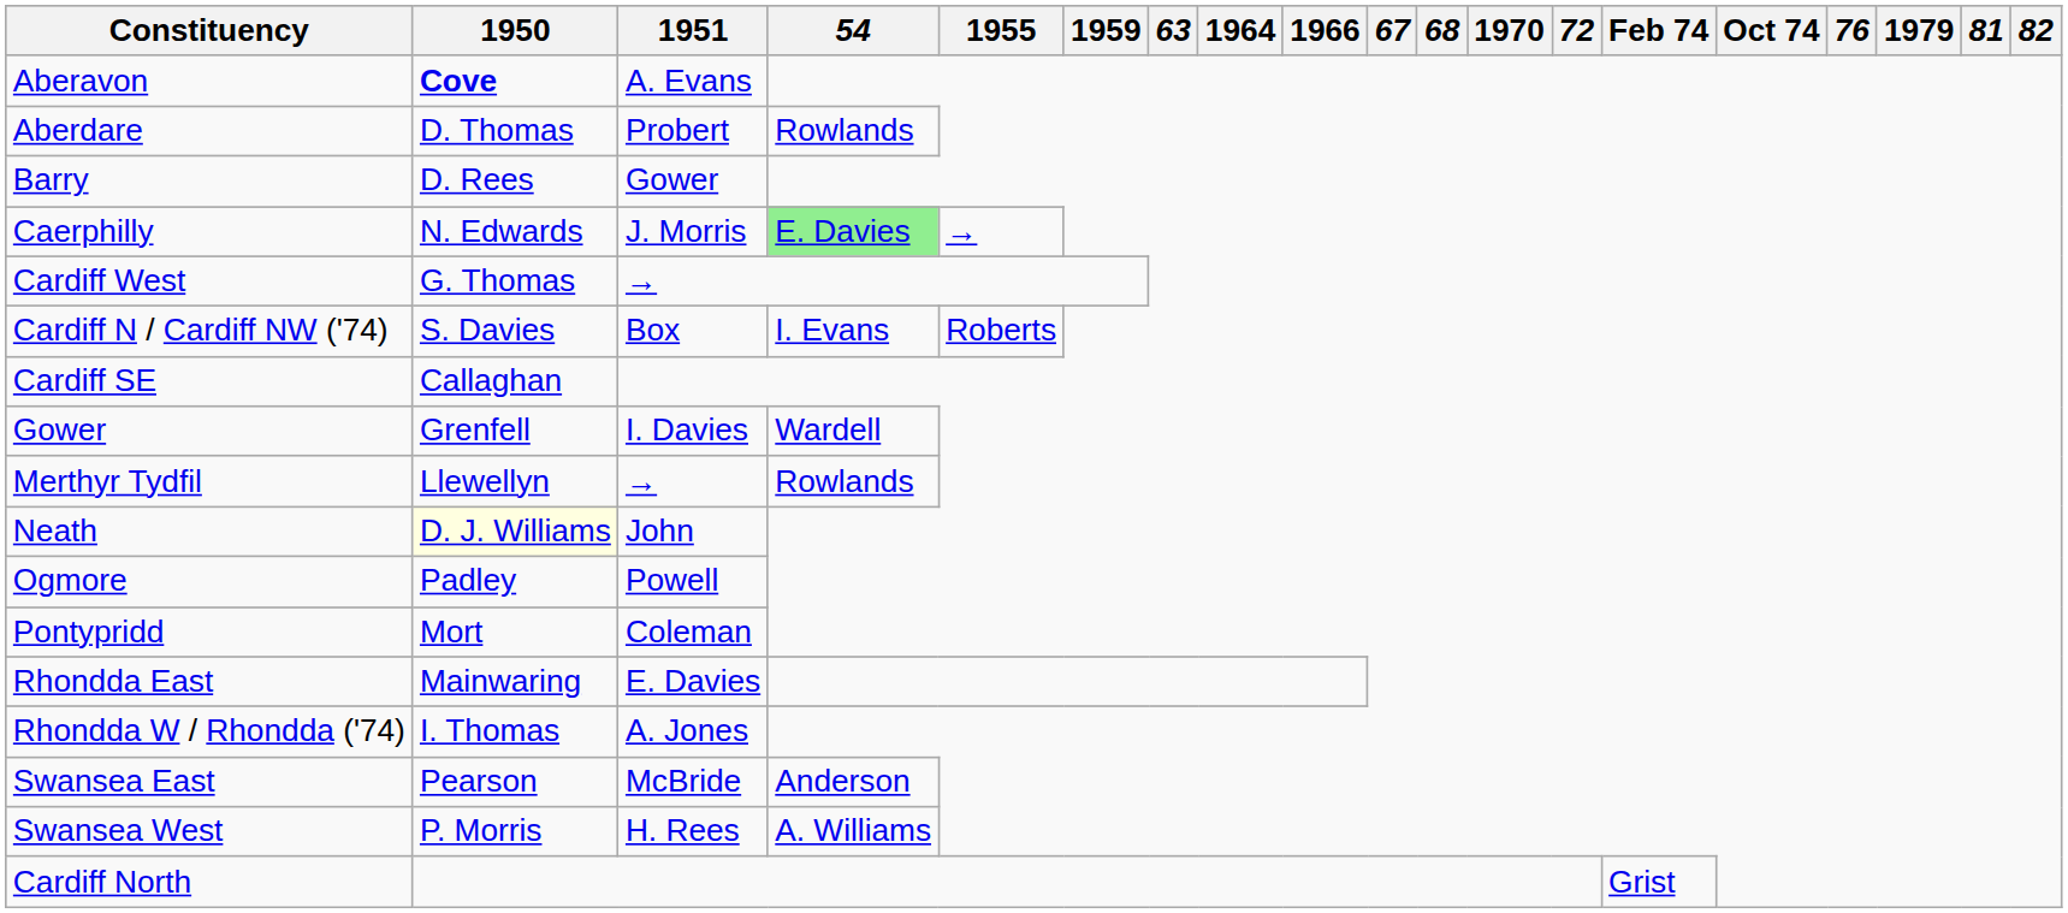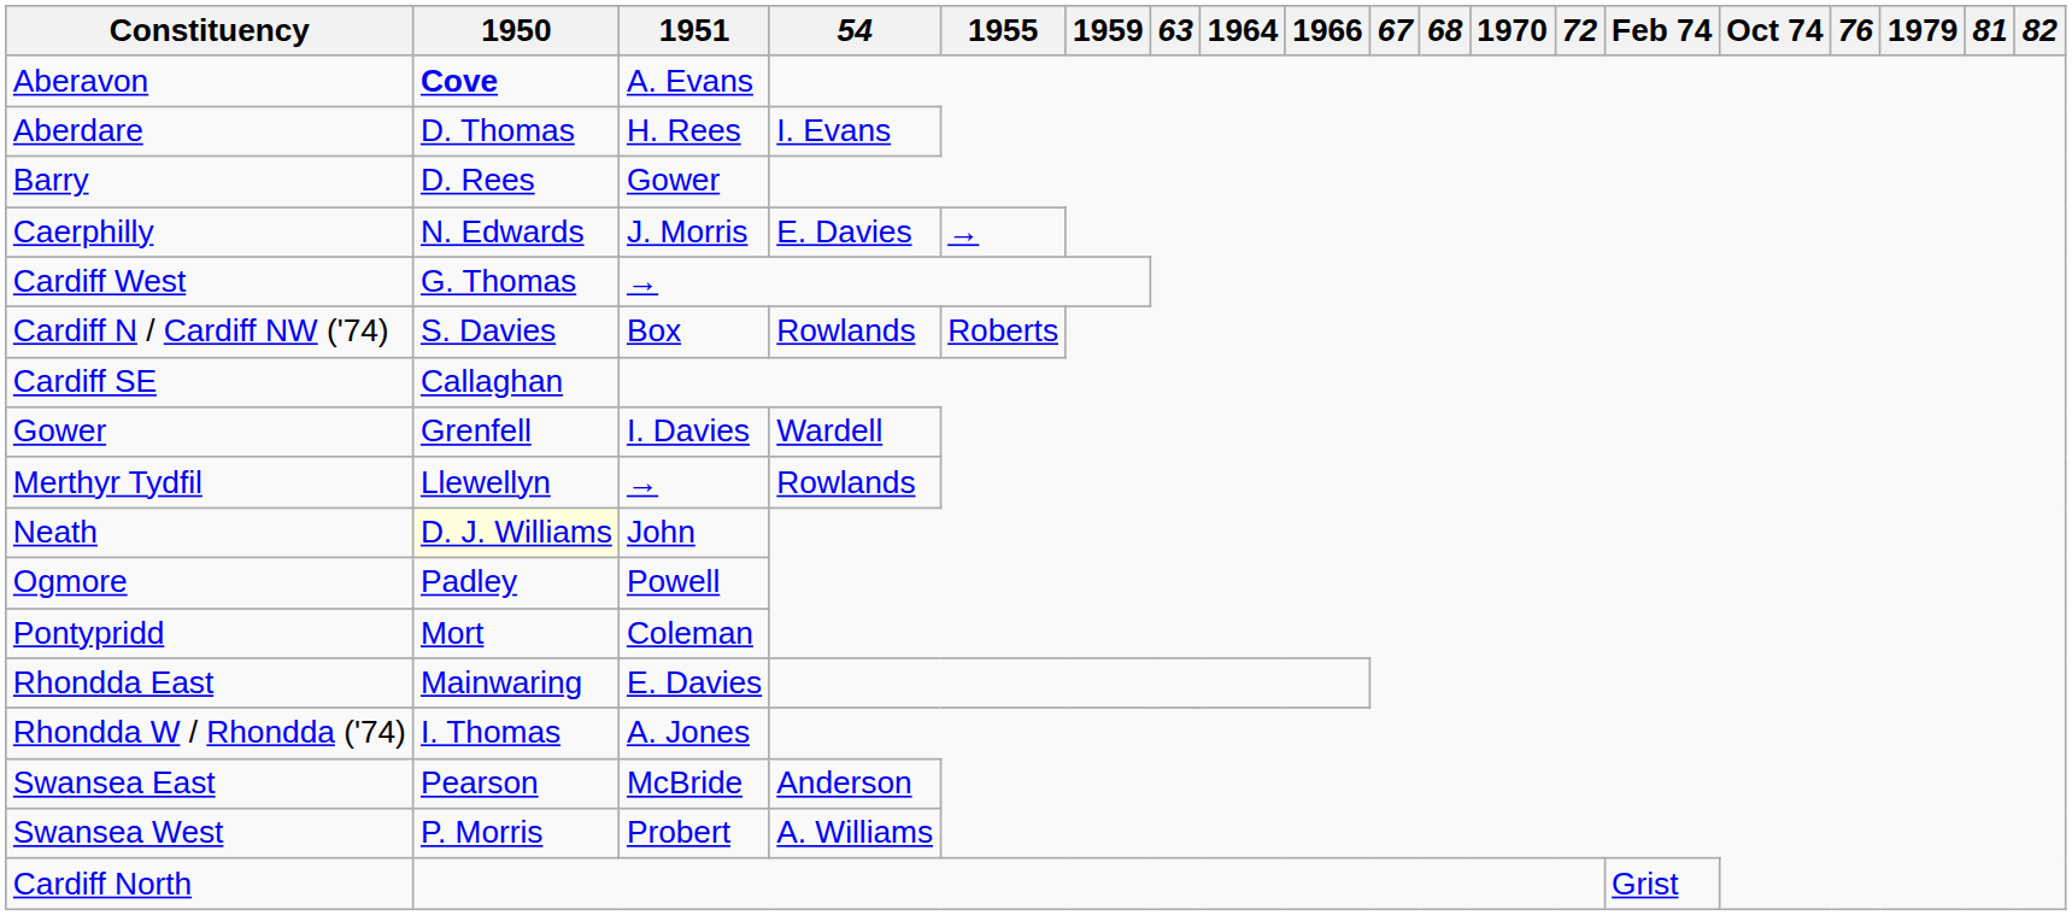 <table class="wikitable">
 <tr>
 <th>Constituency</th>
 <th>1950</th>
 <th>1951</th>
 <th><em>54</em></th>
 <th>1955</th>
 <th>1959</th>
 <th><em>63</em></th>
 <th>1964</th>
 <th>1966</th>
 <th><em>67</em></th>
 <th><em>68</em></th>
 <th>1970</th>
 <th><em>72</em></th>
 <th>Feb 74</th>
 <th>Oct 74</th>
 <th><em>76</em></th>
 <th>1979</th>
 <th><em>81</em></th>
 <th><em>82</em></th>
 </tr>
 <tr>
 <td><a href='#'>Aberavon</a></td>
 <td><strong><a href='#'>Cove</a></strong></td>
 <td><a href='#'>A. Evans</a></td>
 </tr>
 <tr>
 <td><a href='#'>Aberdare</a></td>
 <td><a href='#'>D. Thomas</a></td>
-<td><a href='#'>Probert</a></td>
-<td><a href='#'>Rowlands</a></td>
+<td><a href='#'>H. Rees</a></td>
+<td><a href='#'>I. Evans</a></td>
 </tr>
 <tr>
 <td><a href='#'>Barry</a></td>
 <td><a href='#'>D. Rees</a></td>
 <td><a href='#'>Gower</a></td>
 </tr>
 <tr>
 <td><a href='#'>Caerphilly</a></td>
 <td><a href='#'>N. Edwards</a></td>
 <td><a href='#'>J. Morris</a></td>
-<td style="background: lightgreen;"><a href='#'>E. Davies</a></td>
+<td><a href='#'>E. Davies</a></td>
 <td><a href='#'>→</a></td>
 </tr>
 <tr>
 <td><a href='#'>Cardiff West</a></td>
 <td><a href='#'>G. Thomas</a></td>
 <td colspan="4"><a href='#'>→</a></td>
 </tr>
 <tr>
 <td><a href='#'>Cardiff N</a> / <a href='#'>Cardiff NW</a> ('74)</td>
 <td><a href='#'>S. Davies</a></td>
 <td><a href='#'>Box</a></td>
-<td><a href='#'>I. Evans</a></td>
+<td><a href='#'>Rowlands</a></td>
 <td><a href='#'>Roberts</a></td>
 </tr>
 <tr>
 <td><a href='#'>Cardiff SE</a></td>
 <td><a href='#'>Callaghan</a></td>
 </tr>
 <tr>
 <td><a href='#'>Gower</a></td>
 <td><a href='#'>Grenfell</a></td>
 <td><a href='#'>I. Davies</a></td>
 <td><a href='#'>Wardell</a></td>
 </tr>
 <tr>
 <td><a href='#'>Merthyr Tydfil</a></td>
 <td><a href='#'>Llewellyn</a></td>
 <td><a href='#'>→</a></td>
 <td><a href='#'>Rowlands</a></td>
 </tr>
 <tr>
 <td><a href='#'>Neath</a></td>
 <td style="background: lightyellow;"><a href='#'>D. J. Williams</a></td>
 <td><a href='#'>John</a></td>
 </tr>
 <tr>
 <td><a href='#'>Ogmore</a></td>
 <td><a href='#'>Padley</a></td>
 <td><a href='#'>Powell</a></td>
 </tr>
 <tr>
 <td><a href='#'>Pontypridd</a></td>
 <td><a href='#'>Mort</a></td>
 <td><a href='#'>Coleman</a></td>
 </tr>
 <tr>
 <td><a href='#'>Rhondda East</a></td>
 <td><a href='#'>Mainwaring</a></td>
 <td><a href='#'>E. Davies</a></td>
 <td colspan="6"></td>
 </tr>
 <tr>
 <td><a href='#'>Rhondda W</a> / <a href='#'>Rhondda</a> ('74)</td>
 <td><a href='#'>I. Thomas</a></td>
 <td><a href='#'>A. Jones</a></td>
 </tr>
 <tr>
 <td><a href='#'>Swansea East</a></td>
 <td><a href='#'>Pearson</a></td>
 <td><a href='#'>McBride</a></td>
 <td><a href='#'>Anderson</a></td>
 </tr>
 <tr>
 <td><a href='#'>Swansea West</a></td>
 <td><a href='#'>P. Morris</a></td>
-<td><a href='#'>H. Rees</a></td>
+<td><a href='#'>Probert</a></td>
 <td><a href='#'>A. Williams</a></td>
 </tr>
 <tr>
 <td><a href='#'>Cardiff North</a></td>
 <td colspan="12"></td>
 <td><a href='#'>Grist</a></td>
 </tr>
 </table>
